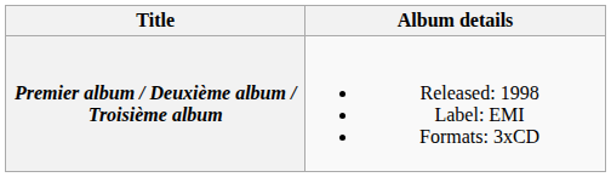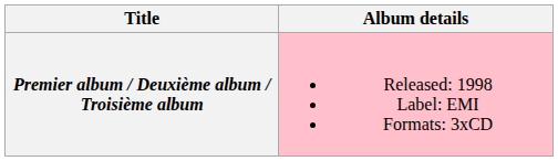 <table class="wikitable plainrowheaders" style="text-align:center;">
 <tr>
 <th scope="col" style="width:15em;">Title</th>
 <th scope="col" style="width:15em;">Album details</th>
 </tr>
 <tr>
 <th scope="row"><em>Premier album / Deuxième album / Troisième album</em></th>
-<td><br><ul><li>Released: 1998</li><li>Label: EMI</li><li>Formats: 3xCD</li></ul></td>
+<td style="background: pink;"><br><ul><li>Released: 1998</li><li>Label: EMI</li><li>Formats: 3xCD</li></ul></td>
 </tr>
 </table>
